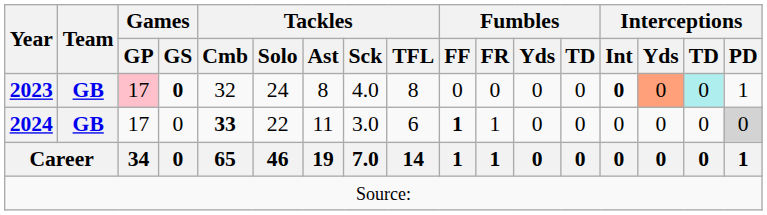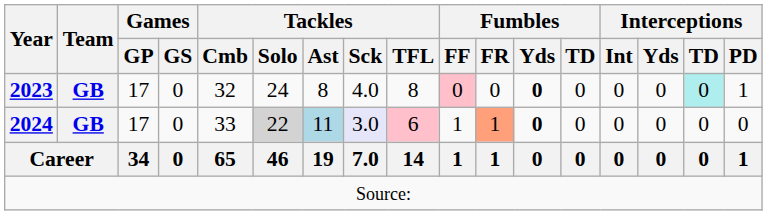 <table class="wikitable" style="text-align:center;">
 <tr>
 <th rowspan="2">Year</th>
 <th rowspan="2">Team</th>
 <th colspan="2">Games</th>
 <th colspan="5">Tackles</th>
 <th colspan="4">Fumbles</th>
 <th colspan="4">Interceptions</th>
 </tr>
 <tr>
 <th>GP</th>
 <th>GS</th>
 <th>Cmb</th>
 <th>Solo</th>
 <th>Ast</th>
 <th>Sck</th>
 <th>TFL</th>
 <th>FF</th>
 <th>FR</th>
 <th>Yds</th>
 <th>TD</th>
 <th>Int</th>
 <th>Yds</th>
 <th>TD</th>
 <th>PD</th>
 </tr>
 <tr>
 <th><a href='#'>2023</a></th>
 <th><a href='#'>GB</a></th>
-<td style="background: pink;">17</td>
-<td><strong>0</strong></td>
+<td>17</td>
+<td>0</td>
 <td>32</td>
 <td>24</td>
 <td>8</td>
 <td>4.0</td>
 <td>8</td>
+<td style="background: pink;">0</td>
+<td>0</td>
+<td><strong>0</strong></td>
 <td>0</td>
 <td>0</td>
 <td>0</td>
-<td>0</td>
-<td><strong>0</strong></td>
-<td style="background: lightsalmon;">0</td>
 <td style="background: paleturquoise;">0</td>
 <td>1</td>
 </tr>
 <tr>
 <th><a href='#'>2024</a></th>
 <th><a href='#'>GB</a></th>
 <td>17</td>
 <td>0</td>
-<td><strong>33</strong></td>
-<td>22</td>
-<td>11</td>
-<td>3.0</td>
-<td>6</td>
-<td><strong>1</strong></td>
+<td>33</td>
+<td style="background: lightgrey;">22</td>
+<td style="background: lightblue;">11</td>
+<td style="background: lavender;">3.0</td>
+<td style="background: pink;">6</td>
 <td>1</td>
+<td style="background: lightsalmon;">1</td>
+<td><strong>0</strong></td>
 <td>0</td>
 <td>0</td>
 <td>0</td>
 <td>0</td>
 <td>0</td>
-<td style="background: lightgrey;">0</td>
 </tr>
 <tr>
 <th colspan="2">Career</th>
 <th>34</th>
 <th>0</th>
 <th>65</th>
 <th>46</th>
 <th>19</th>
 <th>7.0</th>
 <th>14</th>
 <th>1</th>
 <th>1</th>
 <th>0</th>
 <th>0</th>
 <th>0</th>
 <th>0</th>
 <th>0</th>
 <th>1</th>
 </tr>
 <tr>
 <td colspan="18"><small>Source: </small></td>
 </tr>
 </table>
